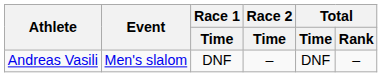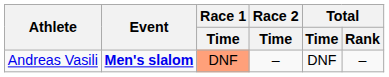 <table class="wikitable" style="font-size:90%">
 <tr>
 <th rowspan="2">Athlete</th>
 <th rowspan="2">Event</th>
 <th>Race 1</th>
 <th>Race 2</th>
 <th colspan="2">Total</th>
 </tr>
 <tr>
 <th>Time</th>
 <th>Time</th>
 <th>Time</th>
 <th>Rank</th>
 </tr>
 <tr>
 <td><a href='#'>Andreas Vasili</a></td>
-<td><a href='#'>Men's slalom</a></td>
-<td align="center">DNF</td>
+<td><strong><a href='#'>Men's slalom</a></strong></td>
+<td align="center" style="background: lightsalmon;">DNF</td>
 <td align="center">–</td>
 <td align="center">DNF</td>
 <td align="center">–</td>
 </tr>
 </table>
